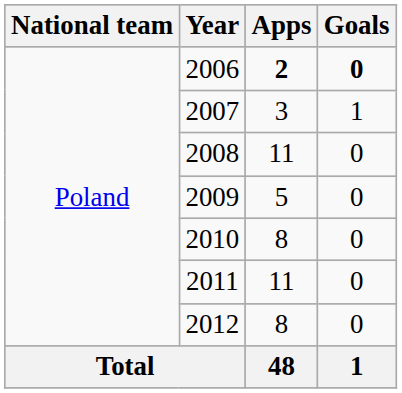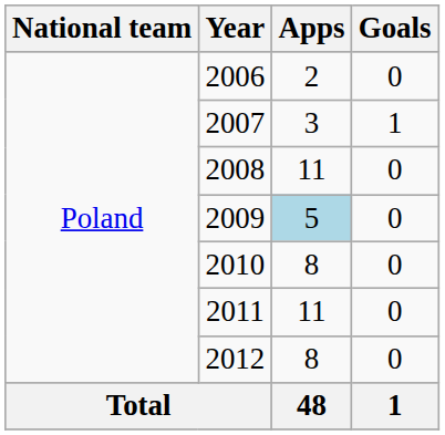 <table class="wikitable" style="text-align:center">
 <tr>
 <th>National team</th>
 <th>Year</th>
 <th>Apps</th>
 <th>Goals</th>
 </tr>
 <tr>
 <td rowspan="7"><a href='#'>Poland</a></td>
 <td>2006</td>
-<td><strong>2</strong></td>
-<td><strong>0</strong></td>
+<td>2</td>
+<td>0</td>
 </tr>
 <tr>
 <td>2007</td>
 <td>3</td>
 <td>1</td>
 </tr>
 <tr>
 <td>2008</td>
 <td>11</td>
 <td>0</td>
 </tr>
 <tr>
 <td>2009</td>
-<td>5</td>
+<td style="background: lightblue;">5</td>
 <td>0</td>
 </tr>
 <tr>
 <td>2010</td>
 <td>8</td>
 <td>0</td>
 </tr>
 <tr>
 <td>2011</td>
 <td>11</td>
 <td>0</td>
 </tr>
 <tr>
 <td>2012</td>
 <td>8</td>
 <td>0</td>
 </tr>
 <tr>
 <th colspan="2">Total</th>
 <th>48</th>
 <th>1</th>
 </tr>
 </table>
